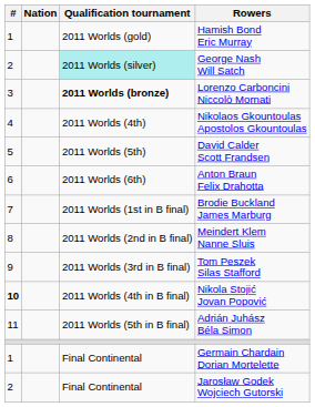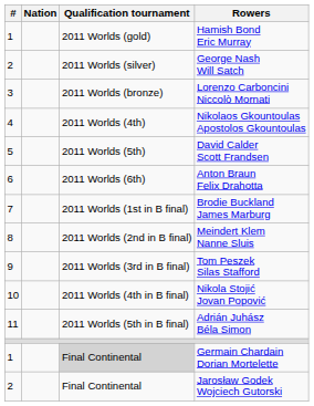 <table class="wikitable">
 <tr>
 <th>#</th>
 <th>Nation</th>
 <th>Qualification tournament</th>
 <th>Rowers</th>
 </tr>
 <tr>
 <td>1</td>
 <td></td>
 <td>2011 Worlds (gold)</td>
 <td><a href='#'>Hamish Bond</a><br><a href='#'>Eric Murray</a></td>
 </tr>
 <tr>
 <td>2</td>
 <td></td>
-<td style="background: paleturquoise;">2011 Worlds (silver)</td>
+<td>2011 Worlds (silver)</td>
 <td><a href='#'>George Nash</a><br><a href='#'>Will Satch</a></td>
 </tr>
 <tr>
 <td>3</td>
 <td></td>
-<td><strong>2011 Worlds (bronze)</strong></td>
+<td>2011 Worlds (bronze)</td>
 <td><a href='#'>Lorenzo Carboncini</a><br><a href='#'>Niccolò Mornati</a></td>
 </tr>
 <tr>
 <td>4</td>
 <td></td>
 <td>2011 Worlds (4th)</td>
 <td><a href='#'>Nikolaos Gkountoulas</a><br><a href='#'>Apostolos Gkountoulas</a></td>
 </tr>
 <tr>
 <td>5</td>
 <td></td>
 <td>2011 Worlds (5th)</td>
 <td><a href='#'>David Calder</a><br><a href='#'>Scott Frandsen</a></td>
 </tr>
 <tr>
 <td>6</td>
 <td></td>
 <td>2011 Worlds (6th)</td>
 <td><a href='#'>Anton Braun</a><br><a href='#'>Felix Drahotta</a></td>
 </tr>
 <tr>
 <td>7</td>
 <td></td>
 <td>2011 Worlds (1st in B final)</td>
 <td><a href='#'>Brodie Buckland</a><br><a href='#'>James Marburg</a></td>
 </tr>
 <tr>
 <td>8</td>
 <td></td>
 <td>2011 Worlds (2nd in B final)</td>
 <td><a href='#'>Meindert Klem</a><br><a href='#'>Nanne Sluis</a></td>
 </tr>
 <tr>
 <td>9</td>
 <td></td>
 <td>2011 Worlds (3rd in B final)</td>
 <td><a href='#'>Tom Peszek</a><br><a href='#'>Silas Stafford</a></td>
 </tr>
 <tr>
-<td><strong>10</strong></td>
+<td>10</td>
 <td></td>
 <td>2011 Worlds (4th in B final)</td>
 <td><a href='#'>Nikola Stojić</a><br><a href='#'>Jovan Popović</a></td>
 </tr>
 <tr>
 <td>11</td>
 <td></td>
 <td>2011 Worlds (5th in B final)</td>
 <td><a href='#'>Adrián Juhász</a><br><a href='#'>Béla Simon</a></td>
 </tr>
 <tr bgcolor=#DDDDDD>
 <td colspan=4></td>
 </tr>
 <tr>
 <td>1</td>
 <td></td>
-<td>Final Continental</td>
+<td style="background: lightgrey;">Final Continental</td>
 <td><a href='#'>Germain Chardain</a><br><a href='#'>Dorian Mortelette</a></td>
 </tr>
 <tr>
 <td>2</td>
 <td></td>
 <td>Final Continental</td>
 <td><a href='#'>Jarosław Godek</a><br><a href='#'>Wojciech Gutorski</a></td>
 </tr>
 </table>
